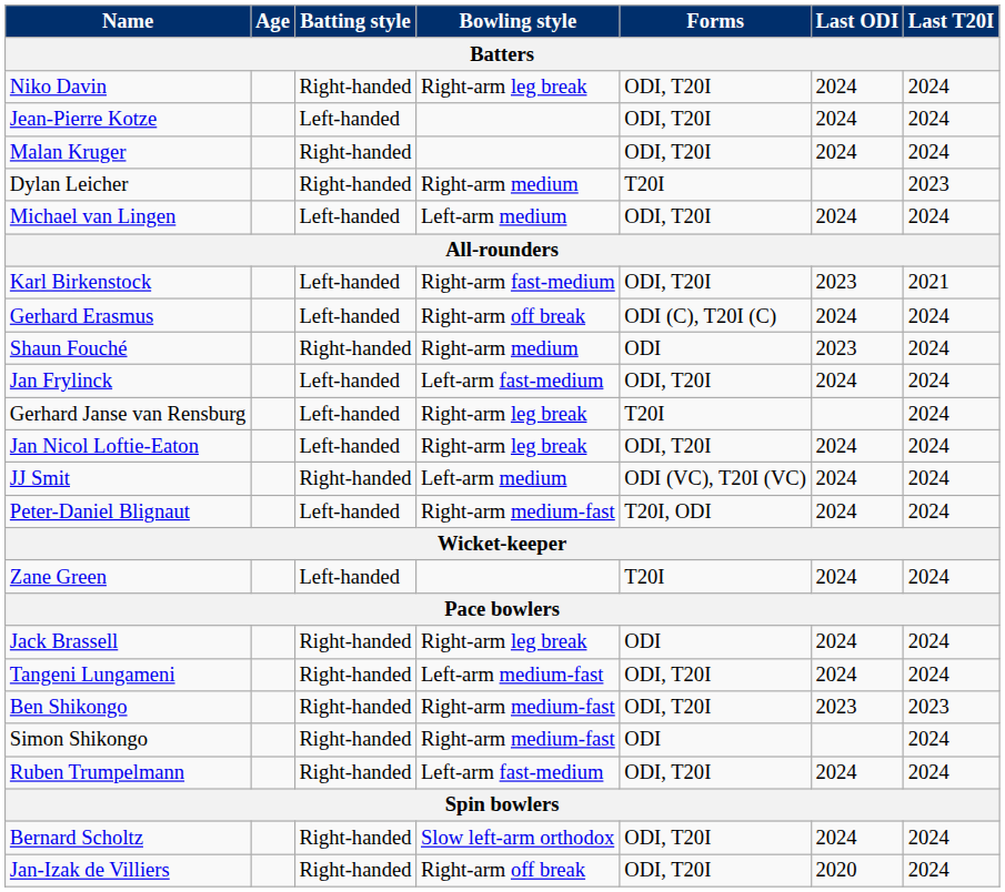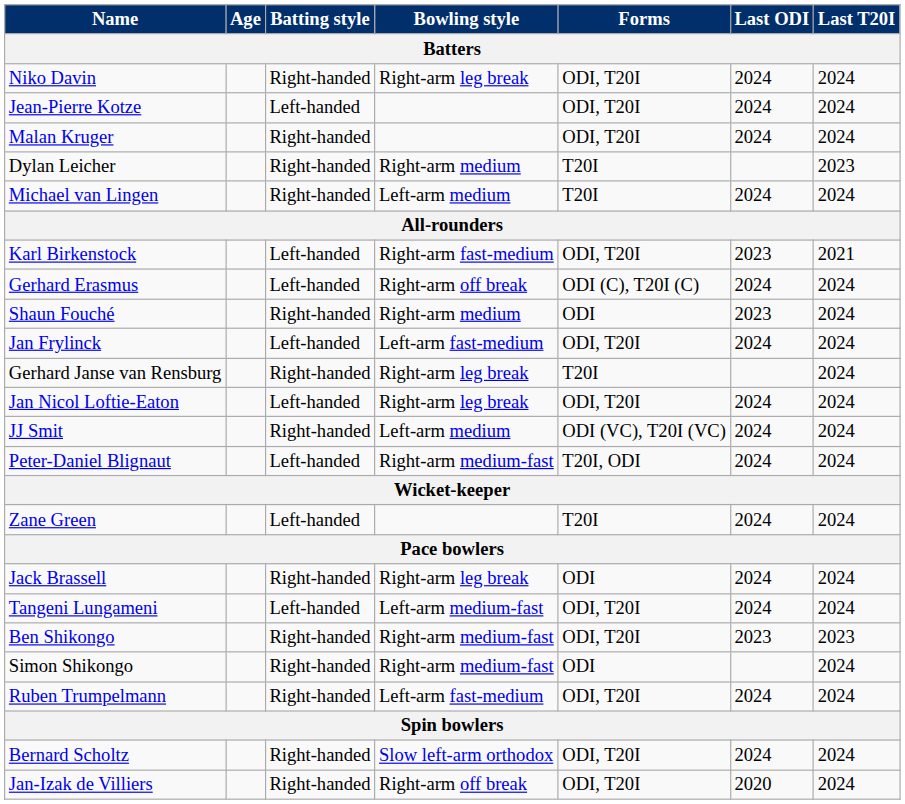 <table class="wikitable">
 <tr>
 <th style="text-align:center; background:#002F6C; color:white;">Name</th>
 <th style="text-align:center; background:#002F6C; color:white;">Age</th>
 <th style="text-align:center; background:#002F6C; color:white;">Batting style</th>
 <th style="text-align:center; background:#002F6C; color:white;">Bowling style</th>
 <th style="text-align:center; background:#002F6C; color:white;">Forms</th>
 <th style="text-align:center; background:#002F6C; color:white;">Last ODI</th>
 <th style="text-align:center; background:#002F6C; color:white;">Last T20I</th>
 </tr>
 <tr>
 <th colspan="12">Batters</th>
 </tr>
 <tr>
 <td><a href='#'>Niko Davin</a></td>
 <td></td>
 <td>Right-handed</td>
 <td>Right-arm <a href='#'>leg break</a></td>
 <td>ODI, T20I</td>
 <td> 2024</td>
 <td> 2024</td>
 </tr>
 <tr>
 <td><a href='#'>Jean-Pierre Kotze</a></td>
 <td></td>
 <td>Left-handed</td>
 <td></td>
 <td>ODI, T20I</td>
 <td> 2024</td>
 <td> 2024</td>
 </tr>
 <tr>
 <td><a href='#'>Malan Kruger</a></td>
 <td></td>
 <td>Right-handed</td>
 <td></td>
 <td>ODI, T20I</td>
 <td> 2024</td>
 <td> 2024</td>
 </tr>
 <tr>
 <td>Dylan Leicher</td>
 <td></td>
 <td>Right-handed</td>
 <td>Right-arm <a href='#'>medium</a></td>
 <td>T20I</td>
 <td></td>
 <td> 2023</td>
 </tr>
 <tr>
 <td><a href='#'>Michael van Lingen</a></td>
 <td></td>
-<td>Left-handed</td>
+<td>Right-handed</td>
 <td>Left-arm <a href='#'>medium</a></td>
-<td>ODI, T20I</td>
+<td>T20I</td>
 <td> 2024</td>
 <td> 2024</td>
 </tr>
 <tr>
 <th colspan="12">All-rounders</th>
 </tr>
 <tr>
 <td><a href='#'>Karl Birkenstock</a></td>
 <td></td>
 <td>Left-handed</td>
 <td>Right-arm <a href='#'>fast-medium</a></td>
 <td>ODI, T20I</td>
 <td> 2023</td>
 <td> 2021</td>
 </tr>
 <tr>
 <td><a href='#'>Gerhard Erasmus</a></td>
 <td></td>
 <td>Left-handed</td>
 <td>Right-arm <a href='#'>off break</a></td>
 <td>ODI (C), T20I (C)</td>
 <td> 2024</td>
 <td> 2024</td>
 </tr>
 <tr>
 <td><a href='#'>Shaun Fouché</a></td>
 <td></td>
 <td>Right-handed</td>
 <td>Right-arm <a href='#'>medium</a></td>
 <td>ODI</td>
 <td> 2023</td>
 <td> 2024</td>
 </tr>
 <tr>
 <td><a href='#'>Jan Frylinck</a></td>
 <td></td>
 <td>Left-handed</td>
 <td>Left-arm <a href='#'>fast-medium</a></td>
 <td>ODI, T20I</td>
 <td> 2024</td>
 <td> 2024</td>
 </tr>
 <tr>
 <td>Gerhard Janse van Rensburg</td>
 <td></td>
-<td>Left-handed</td>
+<td>Right-handed</td>
 <td>Right-arm <a href='#'>leg break</a></td>
 <td>T20I</td>
 <td></td>
 <td> 2024</td>
 </tr>
 <tr>
 <td><a href='#'>Jan Nicol Loftie-Eaton</a></td>
 <td></td>
 <td>Left-handed</td>
 <td>Right-arm <a href='#'>leg break</a></td>
 <td>ODI, T20I</td>
 <td> 2024</td>
 <td> 2024</td>
 </tr>
 <tr>
 <td><a href='#'>JJ Smit</a></td>
 <td></td>
 <td>Right-handed</td>
 <td>Left-arm <a href='#'>medium</a></td>
 <td>ODI (VC), T20I (VC)</td>
 <td> 2024</td>
 <td> 2024</td>
 </tr>
 <tr>
 <td><a href='#'>Peter-Daniel Blignaut</a></td>
 <td></td>
 <td>Left-handed</td>
 <td>Right-arm <a href='#'>medium-fast</a></td>
 <td>T20I, ODI</td>
 <td> 2024</td>
 <td> 2024</td>
 </tr>
 <tr>
 <th colspan="12">Wicket-keeper</th>
 </tr>
 <tr>
 <td><a href='#'>Zane Green</a></td>
 <td></td>
 <td>Left-handed</td>
 <td></td>
 <td>T20I</td>
 <td> 2024</td>
 <td> 2024</td>
 </tr>
 <tr>
 <th colspan="12">Pace bowlers</th>
 </tr>
 <tr>
 <td><a href='#'>Jack Brassell</a></td>
 <td></td>
 <td>Right-handed</td>
 <td>Right-arm <a href='#'>leg break</a></td>
 <td>ODI</td>
 <td> 2024</td>
 <td> 2024</td>
 </tr>
 <tr>
 <td><a href='#'>Tangeni Lungameni</a></td>
 <td></td>
-<td>Right-handed</td>
+<td>Left-handed</td>
 <td>Left-arm <a href='#'>medium-fast</a></td>
 <td>ODI, T20I</td>
 <td> 2024</td>
 <td> 2024</td>
 </tr>
 <tr>
 <td><a href='#'>Ben Shikongo</a></td>
 <td></td>
 <td>Right-handed</td>
 <td>Right-arm <a href='#'>medium-fast</a></td>
 <td>ODI, T20I</td>
 <td> 2023</td>
 <td> 2023</td>
 </tr>
 <tr>
 <td>Simon Shikongo</td>
 <td></td>
 <td>Right-handed</td>
 <td>Right-arm <a href='#'>medium-fast</a></td>
 <td>ODI</td>
 <td></td>
 <td> 2024</td>
 </tr>
 <tr>
 <td><a href='#'>Ruben Trumpelmann</a></td>
 <td></td>
 <td>Right-handed</td>
 <td>Left-arm <a href='#'>fast-medium</a></td>
 <td>ODI, T20I</td>
 <td> 2024</td>
 <td> 2024</td>
 </tr>
 <tr>
 <th colspan="12">Spin bowlers</th>
 </tr>
 <tr>
 <td><a href='#'>Bernard Scholtz</a></td>
 <td></td>
 <td>Right-handed</td>
 <td><a href='#'>Slow left-arm orthodox</a></td>
 <td>ODI, T20I</td>
 <td> 2024</td>
 <td> 2024</td>
 </tr>
 <tr>
 <td><a href='#'>Jan-Izak de Villiers</a></td>
 <td></td>
 <td>Right-handed</td>
 <td>Right-arm <a href='#'>off break</a></td>
 <td>ODI, T20I</td>
 <td> 2020</td>
 <td> 2024</td>
 </tr>
 </table>
